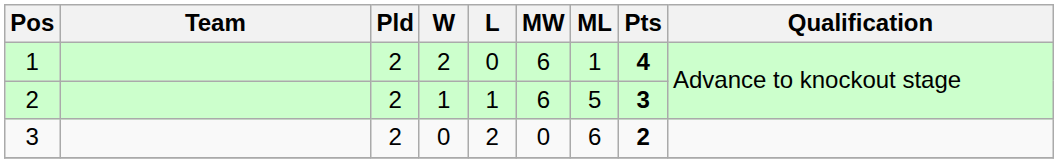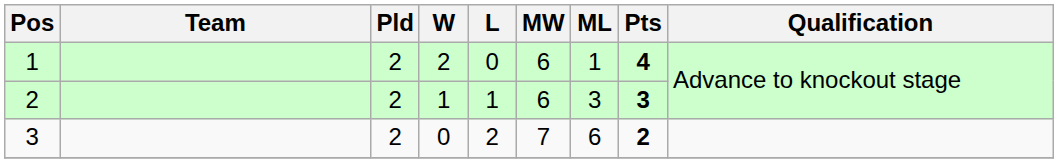 <table class="wikitable" style="text-align:center">
 <tr>
 <th width=25>Pos</th>
 <th width=200>Team</th>
 <th width=25>Pld</th>
 <th width=25>W</th>
 <th width=25>L</th>
 <th width=25>MW</th>
 <th width=25>ML</th>
 <th width=25>Pts</th>
 <th width=250>Qualification</th>
 </tr>
 <tr bgcolor=ccffcc>
 <td>1</td>
 <td style="text-align:left;"></td>
 <td>2</td>
 <td>2</td>
 <td>0</td>
 <td>6</td>
 <td>1</td>
 <td><strong>4</strong></td>
 <td rowspan=2 style="text-align:left;">Advance to knockout stage</td>
 </tr>
 <tr bgcolor=ccffcc>
 <td>2</td>
 <td style="text-align:left;"></td>
 <td>2</td>
 <td>1</td>
 <td>1</td>
 <td>6</td>
-<td>5</td>
+<td>3</td>
 <td><strong>3</strong></td>
 </tr>
 <tr>
 <td>3</td>
 <td style="text-align:left;"></td>
 <td>2</td>
 <td>0</td>
 <td>2</td>
-<td>0</td>
+<td>7</td>
 <td>6</td>
 <td><strong>2</strong></td>
 <td></td>
 </tr>
 <tr>
 </tr>
 </table>
